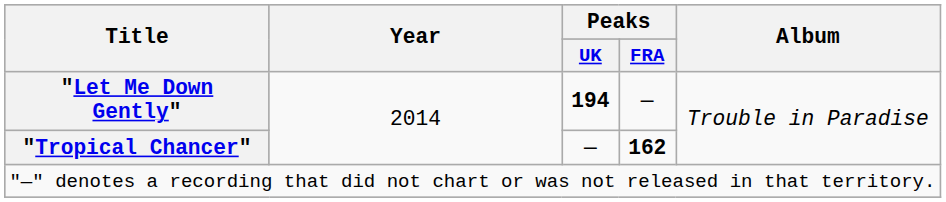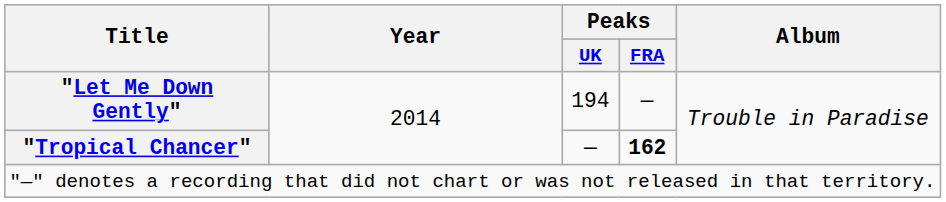 <table class="wikitable plainrowheaders" style="text-align:center">
 <tr>
 <th scope="col" rowspan="2" style="width:12em;">Title</th>
 <th scope="col" rowspan="2">Year</th>
 <th scope="col" colspan="2">Peaks</th>
 <th scope="col" rowspan="2" style="width:12em;">Album</th>
 </tr>
 <tr>
 <th scope="col" style="width:2.5em;font-size:90%;"><a href='#'>UK</a><br></th>
 <th scope="col" style="width:2.5em;font-size:90%;"><a href='#'>FRA</a><br></th>
 </tr>
 <tr>
 <th scope="row">"<a href='#'>Let Me Down Gently</a>"</th>
 <td rowspan="2">2014</td>
-<td><strong>194</strong></td>
+<td>194</td>
 <td>—</td>
 <td rowspan="2"><em>Trouble in Paradise</em></td>
 </tr>
 <tr>
 <th scope="row">"<a href='#'>Tropical Chancer</a>"</th>
 <td>—</td>
 <td><strong>162</strong></td>
 </tr>
 <tr>
 <td colspan="5" style="font-size:90%">"—" denotes a recording that did not chart or was not released in that territory.</td>
 </tr>
 </table>
